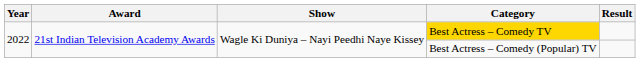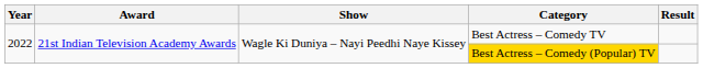 <table class="wikitable">
 <tr 1992.>
 <th>Year</th>
 <th>Award</th>
 <th>Show</th>
 <th>Category</th>
 <th>Result</th>
 </tr>
 <tr>
 <td rowspan="2">2022</td>
 <td rowspan="2"><a href='#'>21st Indian Television Academy Awards</a></td>
 <td rowspan="2">Wagle Ki Duniya – Nayi Peedhi Naye Kissey</td>
-<td style="background: gold;">Best Actress – Comedy TV</td>
+<td>Best Actress – Comedy TV</td>
 <td></td>
 </tr>
 <tr>
-<td>Best Actress – Comedy (Popular) TV</td>
+<td style="background: gold;">Best Actress – Comedy (Popular) TV</td>
 <td></td>
 </tr>
 </table>
